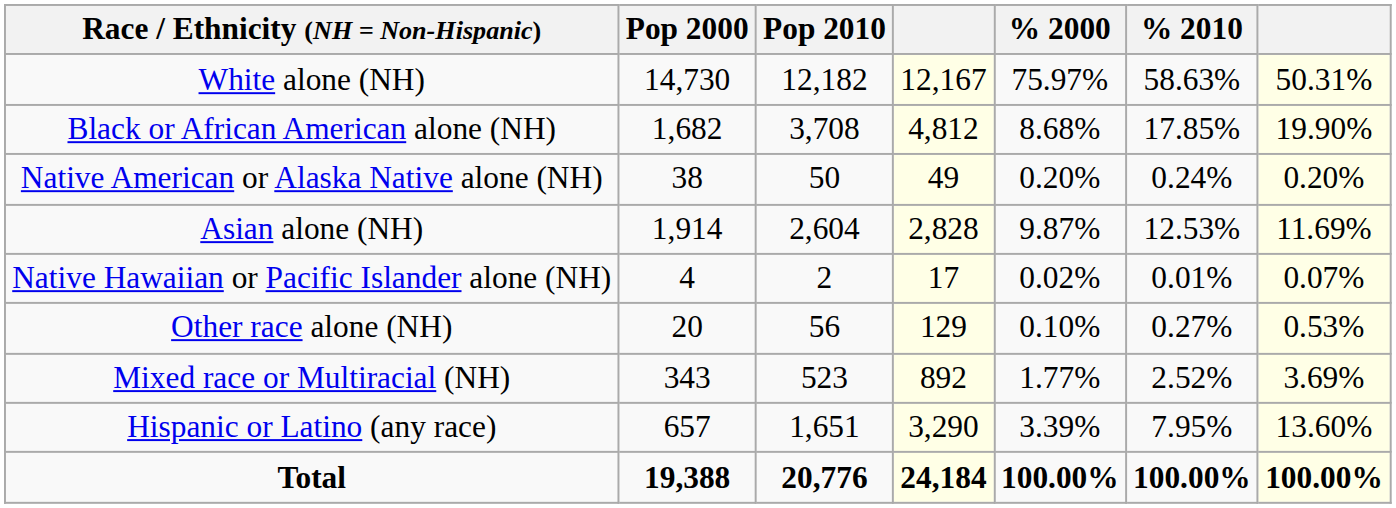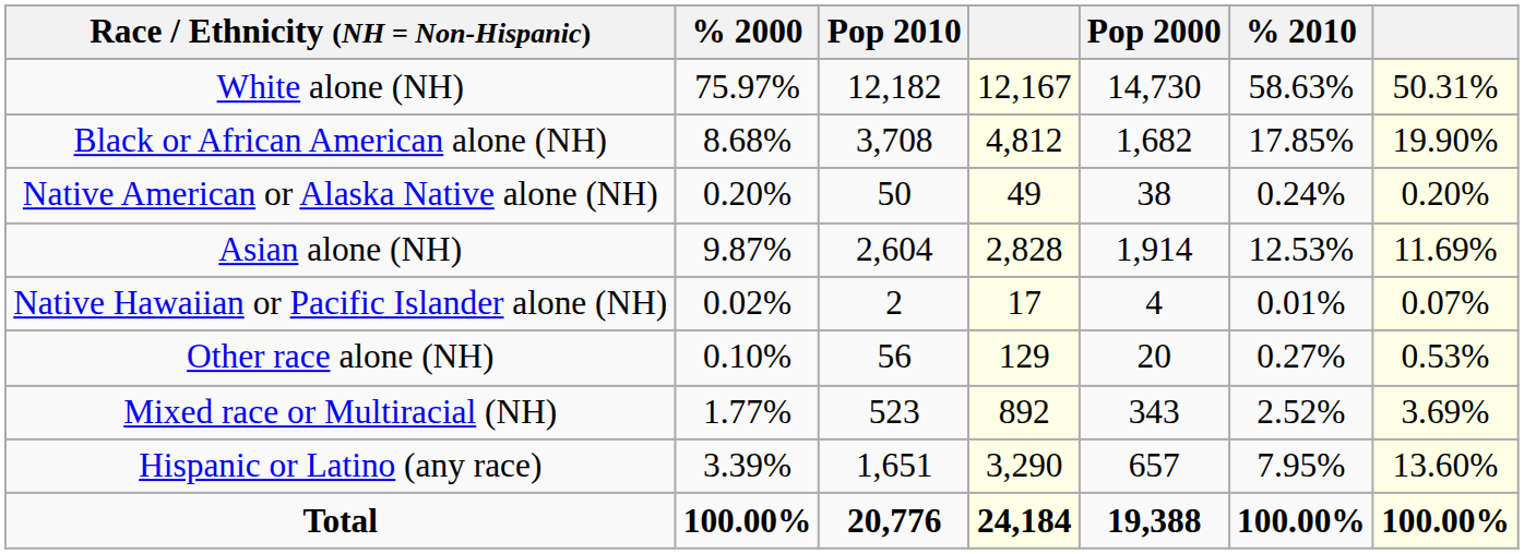 <table class="wikitable" style="text-align:center;">
 <tr>
 <th>Race / Ethnicity <small>(<em>NH = Non-Hispanic</em>)</small></th>
-<th>Pop 2000</th>
+<th>% 2000</th>
 <th>Pop 2010</th>
 <th></th>
-<th>% 2000</th>
+<th>Pop 2000</th>
 <th>% 2010</th>
 <th></th>
 </tr>
 <tr>
 <td><a href='#'>White</a> alone (NH)</td>
-<td>14,730</td>
+<td>75.97%</td>
 <td>12,182</td>
 <td style='background: #ffffe6;'>12,167</td>
-<td>75.97%</td>
+<td>14,730</td>
 <td>58.63%</td>
 <td style='background: #ffffe6;'>50.31%</td>
 </tr>
 <tr>
 <td><a href='#'>Black or African American</a> alone (NH)</td>
-<td>1,682</td>
+<td>8.68%</td>
 <td>3,708</td>
 <td style='background: #ffffe6;'>4,812</td>
-<td>8.68%</td>
+<td>1,682</td>
 <td>17.85%</td>
 <td style='background: #ffffe6;'>19.90%</td>
 </tr>
 <tr>
 <td><a href='#'>Native American</a> or <a href='#'>Alaska Native</a> alone (NH)</td>
-<td>38</td>
+<td>0.20%</td>
 <td>50</td>
 <td style='background: #ffffe6;'>49</td>
-<td>0.20%</td>
+<td>38</td>
 <td>0.24%</td>
 <td style='background: #ffffe6;'>0.20%</td>
 </tr>
 <tr>
 <td><a href='#'>Asian</a> alone (NH)</td>
-<td>1,914</td>
+<td>9.87%</td>
 <td>2,604</td>
 <td style='background: #ffffe6;'>2,828</td>
-<td>9.87%</td>
+<td>1,914</td>
 <td>12.53%</td>
 <td style='background: #ffffe6;'>11.69%</td>
 </tr>
 <tr>
 <td><a href='#'>Native Hawaiian</a> or <a href='#'>Pacific Islander</a> alone (NH)</td>
-<td>4</td>
+<td>0.02%</td>
 <td>2</td>
 <td style='background: #ffffe6;'>17</td>
-<td>0.02%</td>
+<td>4</td>
 <td>0.01%</td>
 <td style='background: #ffffe6;'>0.07%</td>
 </tr>
 <tr>
 <td><a href='#'>Other race</a> alone (NH)</td>
-<td>20</td>
+<td>0.10%</td>
 <td>56</td>
 <td style='background: #ffffe6;'>129</td>
-<td>0.10%</td>
+<td>20</td>
 <td>0.27%</td>
 <td style='background: #ffffe6;'>0.53%</td>
 </tr>
 <tr>
 <td><a href='#'>Mixed race or Multiracial</a> (NH)</td>
-<td>343</td>
+<td>1.77%</td>
 <td>523</td>
 <td style='background: #ffffe6;'>892</td>
-<td>1.77%</td>
+<td>343</td>
 <td>2.52%</td>
 <td style='background: #ffffe6;'>3.69%</td>
 </tr>
 <tr>
 <td><a href='#'>Hispanic or Latino</a> (any race)</td>
-<td>657</td>
+<td>3.39%</td>
 <td>1,651</td>
 <td style='background: #ffffe6;'>3,290</td>
-<td>3.39%</td>
+<td>657</td>
 <td>7.95%</td>
 <td style='background: #ffffe6;'>13.60%</td>
 </tr>
 <tr>
 <td><strong>Total</strong></td>
-<td><strong>19,388</strong></td>
+<td><strong>100.00%</strong></td>
 <td><strong>20,776</strong></td>
 <td style='background: #ffffe6;'><strong>24,184</strong></td>
-<td><strong>100.00%</strong></td>
+<td><strong>19,388</strong></td>
 <td><strong>100.00%</strong></td>
 <td style='background: #ffffe6;'><strong>100.00%</strong></td>
 </tr>
 </table>
